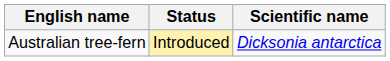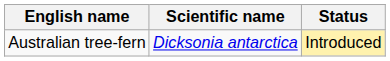 <table class="wikitable" |>
 <tr>
 <th>English name</th>
+<th>Scientific name</th>
 <th>Status</th>
-<th>Scientific name</th>
 </tr>
 <tr>
 <td>Australian tree-fern</td>
+<td><em><a href='#'>Dicksonia antarctica</a></em></td>
 <td style="background: #FFF2AE; text-align: ">Introduced</td>
-<td><em><a href='#'>Dicksonia antarctica</a></em></td>
 </tr>
 </table>
